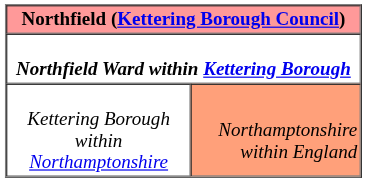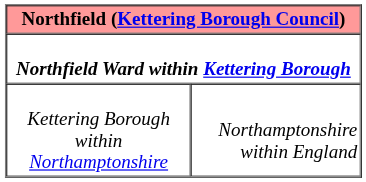 <table border=1 cellpadding="2" cellspacing="0" align="right" width=300>
 <tr>
 <th colspan=2 align=center bgcolor="#ff9999">Northfield (<a href='#'>Kettering Borough Council</a>)</th>
 </tr>
 <tr>
 <th colspan=2 alignn=center><br><em>Northfield Ward within <a href='#'>Kettering Borough</a></em></th>
 </tr>
 <tr>
 <td align=center><br><em>Kettering Borough within <a href='#'>Northamptonshire</a></em></td>
-<td align=right style="background: lightsalmon;"><br><em>Northamptonshire within England</em></td>
+<td align=right><br><em>Northamptonshire within England</em></td>
 </tr>
 </table>
